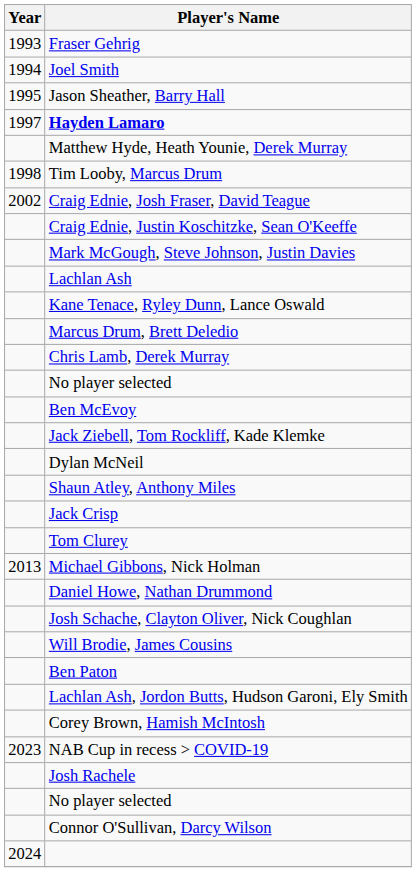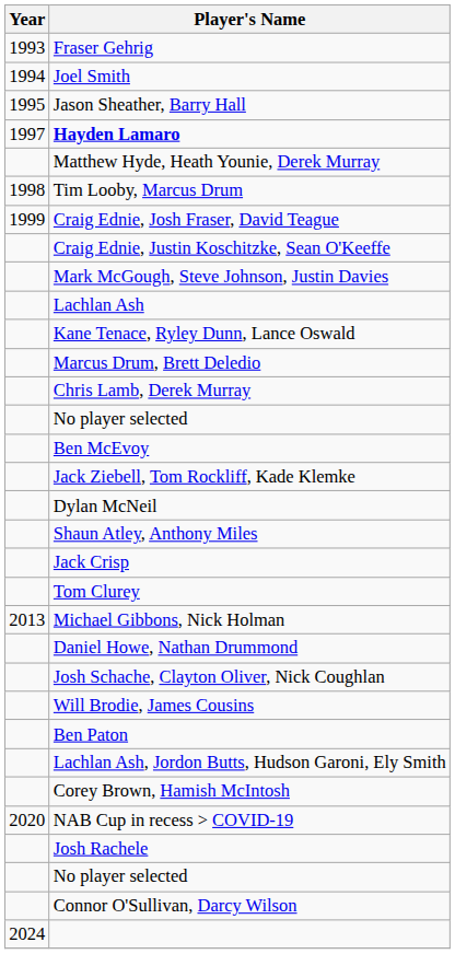 <table class="wikitable collapsible collapsed">
 <tr>
 <th><strong>Year</strong></th>
 <th><span><strong>Player's Name</strong></span></th>
 </tr>
 <tr>
 <td>1993</td>
 <td><a href='#'>Fraser Gehrig</a></td>
 </tr>
 <tr>
 <td>1994</td>
 <td><a href='#'>Joel Smith</a></td>
 </tr>
 <tr>
 <td>1995</td>
 <td>Jason Sheather, <a href='#'>Barry Hall</a></td>
 </tr>
 <tr>
 <td>1997</td>
 <td><strong><a href='#'>Hayden Lamaro</a></strong></td>
 </tr>
 <tr>
 <td></td>
 <td>Matthew Hyde, Heath Younie, <a href='#'>Derek Murray</a></td>
 </tr>
 <tr>
 <td>1998</td>
 <td>Tim Looby, <a href='#'>Marcus Drum</a></td>
 </tr>
 <tr>
-<td>2002</td>
+<td>1999</td>
 <td><a href='#'>Craig Ednie</a>, <a href='#'>Josh Fraser</a>, <a href='#'>David Teague</a></td>
 </tr>
 <tr>
 <td></td>
 <td><a href='#'>Craig Ednie</a>, <a href='#'>Justin Koschitzke</a>, <a href='#'>Sean O'Keeffe</a></td>
 </tr>
 <tr>
 <td></td>
 <td><a href='#'>Mark McGough</a>, <a href='#'>Steve Johnson</a>, <a href='#'>Justin Davies</a></td>
 </tr>
 <tr>
 <td></td>
 <td><a href='#'>Lachlan Ash</a></td>
 </tr>
 <tr>
 <td></td>
 <td><a href='#'>Kane Tenace</a>, <a href='#'>Ryley Dunn</a>, Lance Oswald</td>
 </tr>
 <tr>
 <td></td>
 <td><a href='#'>Marcus Drum</a>, <a href='#'>Brett Deledio</a></td>
 </tr>
 <tr>
 <td></td>
 <td><a href='#'>Chris Lamb</a>, <a href='#'>Derek Murray</a></td>
 </tr>
 <tr>
 <td></td>
 <td>No player selected</td>
 </tr>
 <tr>
 <td></td>
 <td><a href='#'>Ben McEvoy</a></td>
 </tr>
 <tr>
 <td></td>
 <td><a href='#'>Jack Ziebell</a>, <a href='#'>Tom Rockliff</a>, Kade Klemke</td>
 </tr>
 <tr>
 <td></td>
 <td>Dylan McNeil</td>
 </tr>
 <tr>
 <td></td>
 <td><a href='#'>Shaun Atley</a>, <a href='#'>Anthony Miles</a></td>
 </tr>
 <tr>
 <td></td>
 <td><a href='#'>Jack Crisp</a></td>
 </tr>
 <tr>
 <td></td>
 <td><a href='#'>Tom Clurey</a></td>
 </tr>
 <tr>
 <td>2013</td>
 <td><a href='#'>Michael Gibbons</a>, Nick Holman</td>
 </tr>
 <tr>
 <td></td>
 <td><a href='#'>Daniel Howe</a>, <a href='#'>Nathan Drummond</a></td>
 </tr>
 <tr>
 <td></td>
 <td><a href='#'>Josh Schache</a>, <a href='#'>Clayton Oliver</a>, Nick Coughlan</td>
 </tr>
 <tr>
 <td></td>
 <td><a href='#'>Will Brodie</a>, <a href='#'>James Cousins</a></td>
 </tr>
 <tr>
 <td></td>
 <td><a href='#'>Ben Paton</a></td>
 </tr>
 <tr>
 <td></td>
 <td><a href='#'>Lachlan Ash</a>, <a href='#'>Jordon Butts</a>, Hudson Garoni, Ely Smith</td>
 </tr>
 <tr>
 <td></td>
 <td>Corey Brown, <a href='#'>Hamish McIntosh</a></td>
 </tr>
 <tr>
-<td>2023</td>
+<td>2020</td>
 <td>NAB Cup in recess > <a href='#'>COVID-19</a></td>
 </tr>
 <tr>
 <td></td>
 <td><a href='#'>Josh Rachele</a></td>
 </tr>
 <tr>
 <td></td>
 <td>No player selected</td>
 </tr>
 <tr>
 <td></td>
 <td>Connor O'Sullivan, <a href='#'>Darcy Wilson</a></td>
 </tr>
 <tr>
 <td>2024</td>
 <td></td>
 </tr>
 <tr>
 </tr>
 </table>
